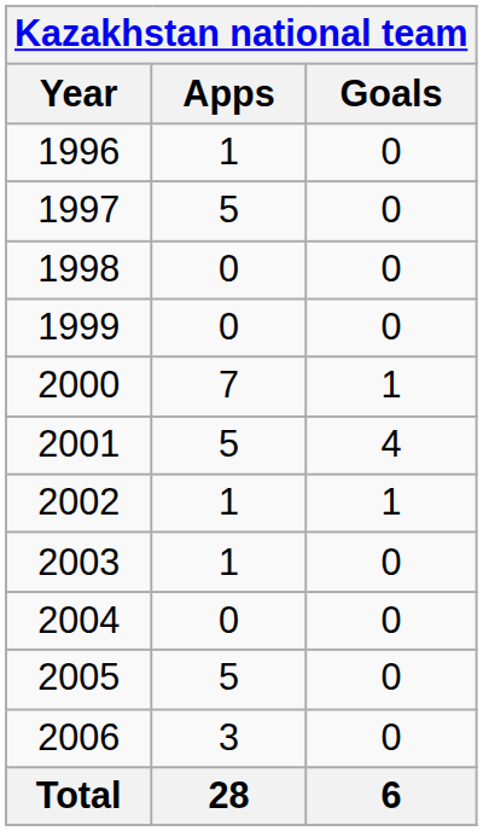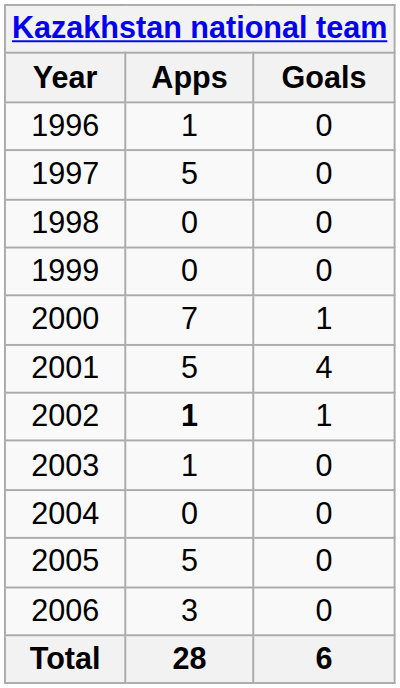 <table class="wikitable" style="text-align:center">
 <tr>
 <th colspan=3><a href='#'>Kazakhstan national team</a></th>
 </tr>
 <tr>
 <th>Year</th>
 <th>Apps</th>
 <th>Goals</th>
 </tr>
 <tr>
 <td>1996</td>
 <td>1</td>
 <td>0</td>
 </tr>
 <tr>
 <td>1997</td>
 <td>5</td>
 <td>0</td>
 </tr>
 <tr>
 <td>1998</td>
 <td>0</td>
 <td>0</td>
 </tr>
 <tr>
 <td>1999</td>
 <td>0</td>
 <td>0</td>
 </tr>
 <tr>
 <td>2000</td>
 <td>7</td>
 <td>1</td>
 </tr>
 <tr>
 <td>2001</td>
 <td>5</td>
 <td>4</td>
 </tr>
 <tr>
 <td>2002</td>
-<td>1</td>
+<td><strong>1</strong></td>
 <td>1</td>
 </tr>
 <tr>
 <td>2003</td>
 <td>1</td>
 <td>0</td>
 </tr>
 <tr>
 <td>2004</td>
 <td>0</td>
 <td>0</td>
 </tr>
 <tr>
 <td>2005</td>
 <td>5</td>
 <td>0</td>
 </tr>
 <tr>
 <td>2006</td>
 <td>3</td>
 <td>0</td>
 </tr>
 <tr>
 <th>Total</th>
 <th>28</th>
 <th>6</th>
 </tr>
 </table>
